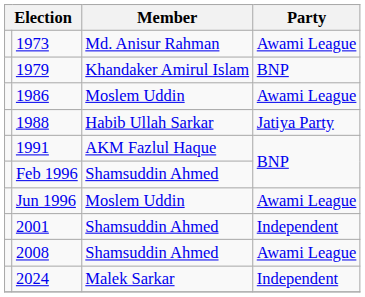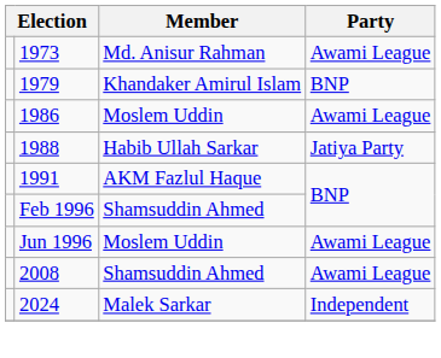 <table class="wikitable">
 <tr>
 <th colspan="2">Election</th>
 <th>Member</th>
 <th>Party</th>
 </tr>
 <tr>
 <td style="background-color:"></td>
 <td><a href='#'>1973</a></td>
 <td><a href='#'>Md. Anisur Rahman</a></td>
 <td><a href='#'>Awami League</a></td>
 </tr>
 <tr>
 <td style="background-color:"></td>
 <td><a href='#'>1979</a></td>
 <td><a href='#'>Khandaker Amirul Islam</a></td>
 <td><a href='#'>BNP</a></td>
 </tr>
 <tr>
 <td style="background-color:"></td>
 <td><a href='#'>1986</a></td>
 <td><a href='#'>Moslem Uddin</a></td>
 <td><a href='#'>Awami League</a></td>
 </tr>
 <tr>
 <td style="background-color:"></td>
 <td><a href='#'>1988</a></td>
 <td><a href='#'>Habib Ullah Sarkar</a></td>
 <td><a href='#'>Jatiya Party</a></td>
 </tr>
 <tr>
 <td style="background-color:"></td>
 <td><a href='#'>1991</a></td>
 <td><a href='#'>AKM Fazlul Haque</a></td>
 <td rowspan="2"><a href='#'>BNP</a></td>
 </tr>
 <tr>
 <td style="background-color:"></td>
 <td><a href='#'>Feb 1996</a></td>
 <td><a href='#'>Shamsuddin Ahmed</a></td>
 </tr>
 <tr>
 <td style="background-color:"></td>
 <td><a href='#'>Jun 1996</a></td>
 <td><a href='#'>Moslem Uddin</a></td>
 <td><a href='#'>Awami League</a></td>
 </tr>
 <tr>
 <td style="background-color:"></td>
-<td><a href='#'>2001</a></td>
-<td><a href='#'>Shamsuddin Ahmed</a></td>
-<td><a href='#'>Independent</a></td>
-</tr>
-<tr>
-<td style="background-color:"></td>
 <td><a href='#'>2008</a></td>
 <td><a href='#'>Shamsuddin Ahmed</a></td>
 <td><a href='#'>Awami League</a></td>
 </tr>
 <tr>
 <td style="background-color:"></td>
 <td><a href='#'>2024</a></td>
 <td><a href='#'>Malek Sarkar</a></td>
 <td><a href='#'>Independent</a></td>
 </tr>
 <tr>
 </tr>
 </table>
